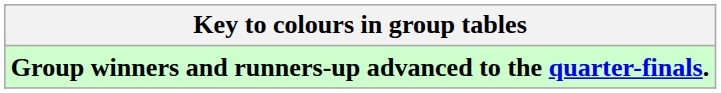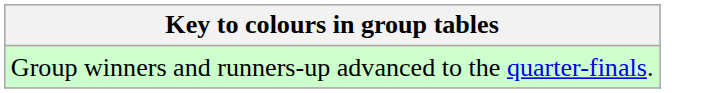 <table class="wikitable">
 <tr>
 <th>Key to colours in group tables</th>
 </tr>
 <tr>
-<td bgcolor="#ccffcc"><strong>Group winners and runners-up advanced to the <a href='#'>quarter-finals</a>.</strong></td>
+<td bgcolor="#ccffcc">Group winners and runners-up advanced to the <a href='#'>quarter-finals</a>.</td>
 </tr>
 </table>
